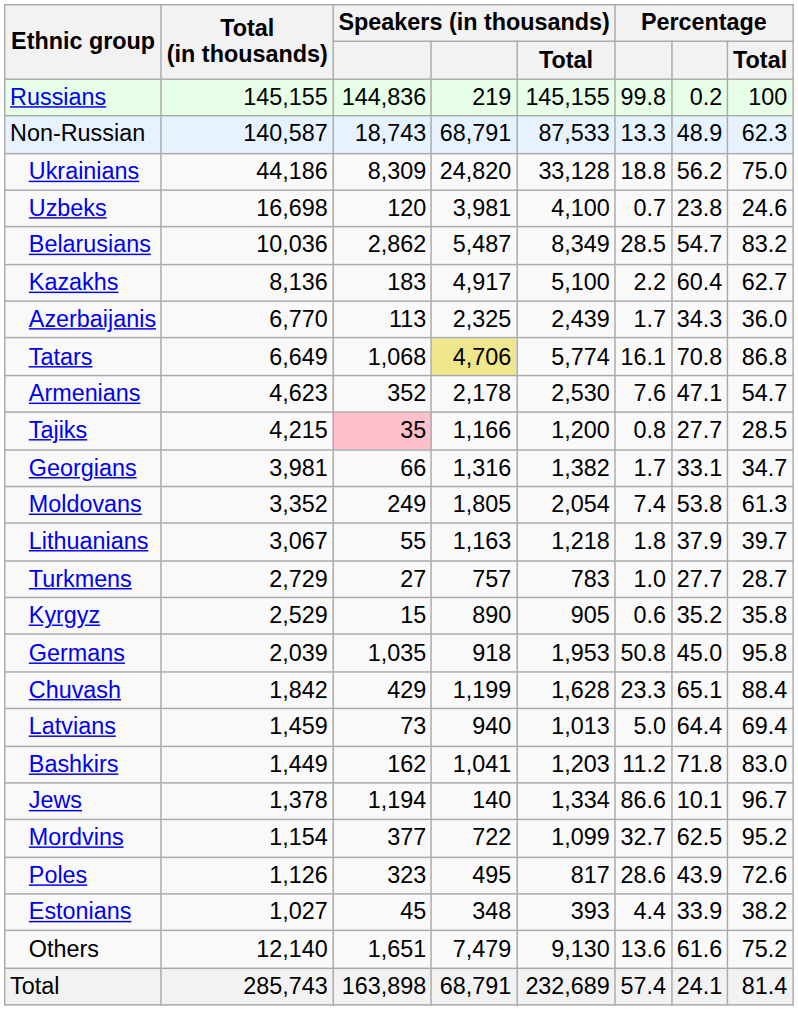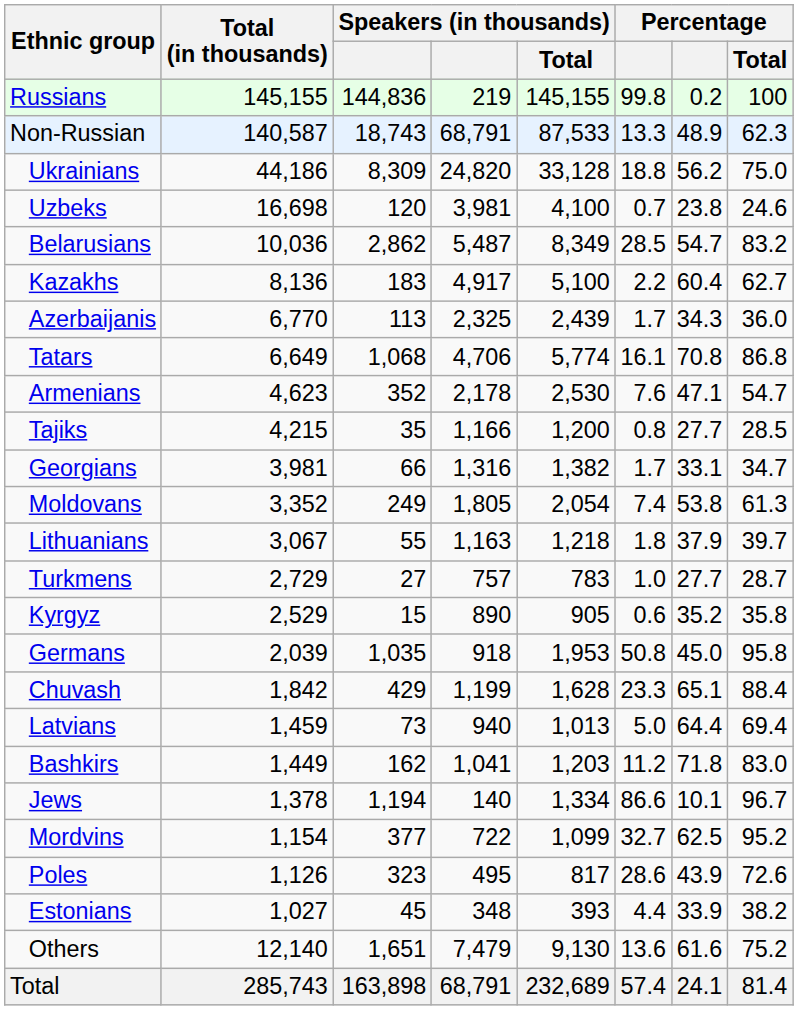 <table class="wikitable sortable" style="text-align:right">
 <tr>
 <th rowspan="2">Ethnic group</th>
 <th rowspan="2">Total <br>(in thousands)</th>
 <th colspan="3">Speakers (in thousands)</th>
 <th colspan="3">Percentage</th>
 </tr>
 <tr>
 <th></th>
 <th></th>
 <th>Total</th>
 <th></th>
 <th></th>
 <th>Total</th>
 </tr>
 <tr style="background:#e6ffe6;">
 <td style="text-align:left;"><a href='#'>Russians</a></td>
 <td>145,155</td>
 <td>144,836</td>
 <td>219</td>
 <td>145,155</td>
 <td>99.8</td>
 <td>0.2</td>
 <td>100</td>
 </tr>
 <tr style="background:#e6f2ff;">
 <td style="text-align:left;">Non-Russian</td>
 <td>140,587</td>
 <td>18,743</td>
 <td>68,791</td>
 <td>87,533</td>
 <td>13.3</td>
 <td>48.9</td>
 <td>62.3</td>
 </tr>
 <tr>
 <td style="text-align:left;padding-left: 1em;"><a href='#'>Ukrainians</a></td>
 <td>44,186</td>
 <td>8,309</td>
 <td>24,820</td>
 <td>33,128</td>
 <td>18.8</td>
 <td>56.2</td>
 <td>75.0</td>
 </tr>
 <tr>
 <td style="text-align:left;padding-left: 1em;"><a href='#'>Uzbeks</a></td>
 <td>16,698</td>
 <td>120</td>
 <td>3,981</td>
 <td>4,100</td>
 <td>0.7</td>
 <td>23.8</td>
 <td>24.6</td>
 </tr>
 <tr>
 <td style="text-align:left;padding-left: 1em;"><a href='#'>Belarusians</a></td>
 <td>10,036</td>
 <td>2,862</td>
 <td>5,487</td>
 <td>8,349</td>
 <td>28.5</td>
 <td>54.7</td>
 <td>83.2</td>
 </tr>
 <tr>
 <td style="text-align:left;padding-left: 1em;"><a href='#'>Kazakhs</a></td>
 <td>8,136</td>
 <td>183</td>
 <td>4,917</td>
 <td>5,100</td>
 <td>2.2</td>
 <td>60.4</td>
 <td>62.7</td>
 </tr>
 <tr>
 <td style="text-align:left;padding-left: 1em;"><a href='#'>Azerbaijanis</a></td>
 <td>6,770</td>
 <td>113</td>
 <td>2,325</td>
 <td>2,439</td>
 <td>1.7</td>
 <td>34.3</td>
 <td>36.0</td>
 </tr>
 <tr>
 <td style="text-align:left;padding-left: 1em;"><a href='#'>Tatars</a></td>
 <td>6,649</td>
 <td>1,068</td>
-<td style="background: khaki;">4,706</td>
+<td>4,706</td>
 <td>5,774</td>
 <td>16.1</td>
 <td>70.8</td>
 <td>86.8</td>
 </tr>
 <tr>
 <td style="text-align:left;padding-left: 1em;"><a href='#'>Armenians</a></td>
 <td>4,623</td>
 <td>352</td>
 <td>2,178</td>
 <td>2,530</td>
 <td>7.6</td>
 <td>47.1</td>
 <td>54.7</td>
 </tr>
 <tr>
 <td style="text-align:left;padding-left: 1em;"><a href='#'>Tajiks</a></td>
 <td>4,215</td>
-<td style="background: pink;">35</td>
+<td>35</td>
 <td>1,166</td>
 <td>1,200</td>
 <td>0.8</td>
 <td>27.7</td>
 <td>28.5</td>
 </tr>
 <tr>
 <td style="text-align:left;padding-left: 1em;"><a href='#'>Georgians</a></td>
 <td>3,981</td>
 <td>66</td>
 <td>1,316</td>
 <td>1,382</td>
 <td>1.7</td>
 <td>33.1</td>
 <td>34.7</td>
 </tr>
 <tr>
 <td style="text-align:left;padding-left: 1em;"><a href='#'>Moldovans</a></td>
 <td>3,352</td>
 <td>249</td>
 <td>1,805</td>
 <td>2,054</td>
 <td>7.4</td>
 <td>53.8</td>
 <td>61.3</td>
 </tr>
 <tr>
 <td style="text-align:left;padding-left: 1em;"><a href='#'>Lithuanians</a></td>
 <td>3,067</td>
 <td>55</td>
 <td>1,163</td>
 <td>1,218</td>
 <td>1.8</td>
 <td>37.9</td>
 <td>39.7</td>
 </tr>
 <tr>
 <td style="text-align:left;padding-left: 1em;"><a href='#'>Turkmens</a></td>
 <td>2,729</td>
 <td>27</td>
 <td>757</td>
 <td>783</td>
 <td>1.0</td>
 <td>27.7</td>
 <td>28.7</td>
 </tr>
 <tr>
 <td style="text-align:left;padding-left: 1em;"><a href='#'>Kyrgyz</a></td>
 <td>2,529</td>
 <td>15</td>
 <td>890</td>
 <td>905</td>
 <td>0.6</td>
 <td>35.2</td>
 <td>35.8</td>
 </tr>
 <tr>
 <td style="text-align:left;padding-left: 1em;"><a href='#'>Germans</a></td>
 <td>2,039</td>
 <td>1,035</td>
 <td>918</td>
 <td>1,953</td>
 <td>50.8</td>
 <td>45.0</td>
 <td>95.8</td>
 </tr>
 <tr>
 <td style="text-align:left;padding-left: 1em;"><a href='#'>Chuvash</a></td>
 <td>1,842</td>
 <td>429</td>
 <td>1,199</td>
 <td>1,628</td>
 <td>23.3</td>
 <td>65.1</td>
 <td>88.4</td>
 </tr>
 <tr>
 <td style="text-align:left;padding-left: 1em;"><a href='#'>Latvians</a></td>
 <td>1,459</td>
 <td>73</td>
 <td>940</td>
 <td>1,013</td>
 <td>5.0</td>
 <td>64.4</td>
 <td>69.4</td>
 </tr>
 <tr>
 <td style="text-align:left;padding-left: 1em;"><a href='#'>Bashkirs</a></td>
 <td>1,449</td>
 <td>162</td>
 <td>1,041</td>
 <td>1,203</td>
 <td>11.2</td>
 <td>71.8</td>
 <td>83.0</td>
 </tr>
 <tr>
 <td style="text-align:left;padding-left: 1em;"><a href='#'>Jews</a></td>
 <td>1,378</td>
 <td>1,194</td>
 <td>140</td>
 <td>1,334</td>
 <td>86.6</td>
 <td>10.1</td>
 <td>96.7</td>
 </tr>
 <tr>
 <td style="text-align:left;padding-left: 1em;"><a href='#'>Mordvins</a></td>
 <td>1,154</td>
 <td>377</td>
 <td>722</td>
 <td>1,099</td>
 <td>32.7</td>
 <td>62.5</td>
 <td>95.2</td>
 </tr>
 <tr>
 <td style="text-align:left;padding-left: 1em;"><a href='#'>Poles</a></td>
 <td>1,126</td>
 <td>323</td>
 <td>495</td>
 <td>817</td>
 <td>28.6</td>
 <td>43.9</td>
 <td>72.6</td>
 </tr>
 <tr>
 <td style="text-align:left;padding-left: 1em;"><a href='#'>Estonians</a></td>
 <td>1,027</td>
 <td>45</td>
 <td>348</td>
 <td>393</td>
 <td>4.4</td>
 <td>33.9</td>
 <td>38.2</td>
 </tr>
 <tr>
 <td style="text-align:left;padding-left: 1em;">Others</td>
 <td>12,140</td>
 <td>1,651</td>
 <td>7,479</td>
 <td>9,130</td>
 <td>13.6</td>
 <td>61.6</td>
 <td>75.2</td>
 </tr>
 <tr class="unsortable" style="background:#f2f2f2;">
 <td style="text-align:left">Total</td>
 <td>285,743</td>
 <td>163,898</td>
 <td>68,791</td>
 <td>232,689</td>
 <td>57.4</td>
 <td>24.1</td>
 <td>81.4</td>
 </tr>
 </table>
